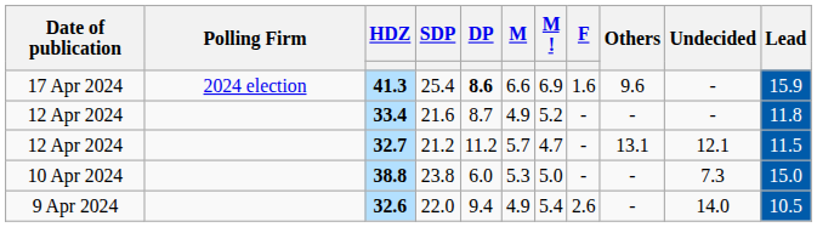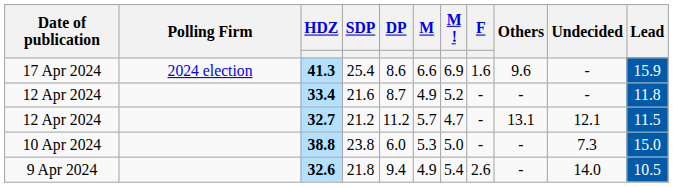 <table class="wikitable sortable" style="text-align:center; font-size:90%; line-height:16px;">
 <tr style="height:42px;">
 <th style="width:100px;" rowspan="2">Date of publication</th>
 <th style="width:165px;" rowspan="2">Polling Firm</th>
 <th><a href='#'>HDZ</a></th>
 <th><a href='#'>SDP</a></th>
 <th><a href='#'>DP</a></th>
 <th><a href='#'>M</a></th>
 <th style="letter-spacing:-1px;"><a href='#'>M !</a></th>
 <th><a href='#'>F</a></th>
 <th class="unsortable" style="width:40px;" rowspan="2">Others</th>
 <th class="unsortable" style="width:40px;" rowspan="2">Undecided</th>
 <th class="unsortable" style="width:20px;" rowspan="2">Lead</th>
 </tr>
 <tr>
 <th style="color:inherit;background:"></th>
 <th data-sort-type="number" style="color:inherit;background:"></th>
 <th style="color:inherit;background:"></th>
 <th style="color:inherit;background:"></th>
 <th style="color:inherit;background:"></th>
 <th style="color:inherit;background:"></th>
 </tr>
 <tr>
 <td>17 Apr 2024</td>
 <td><a href='#'>2024 election</a></td>
 <td style="background:#B3E0FF"><strong>41.3</strong></td>
 <td>25.4</td>
-<td><strong>8.6</strong></td>
+<td>8.6</td>
 <td>6.6</td>
 <td>6.9</td>
 <td>1.6</td>
 <td>9.6</td>
 <td>-</td>
 <td style="background:#005BAA; color: white">15.9</td>
 </tr>
 <tr>
 <td>12 Apr 2024</td>
 <td></td>
 <td style="background:#B3E0FF"><strong>33.4</strong></td>
 <td>21.6</td>
 <td>8.7</td>
 <td>4.9</td>
 <td>5.2</td>
 <td>-</td>
 <td>-</td>
 <td>-</td>
 <td style="background:#005BAA; color: white">11.8</td>
 </tr>
 <tr>
 <td>12 Apr 2024</td>
 <td></td>
 <td style="background:#B3E0FF"><strong>32.7</strong></td>
 <td>21.2</td>
 <td>11.2</td>
 <td>5.7</td>
 <td>4.7</td>
 <td>-</td>
 <td>13.1</td>
 <td>12.1</td>
 <td style="background:#005BAA; color: white">11.5</td>
 </tr>
 <tr>
 <td>10 Apr 2024</td>
 <td></td>
 <td style="background:#B3E0FF"><strong>38.8</strong></td>
 <td>23.8</td>
 <td>6.0</td>
 <td>5.3</td>
 <td>5.0</td>
 <td>-</td>
 <td>-</td>
 <td>7.3</td>
 <td style="background:#005BAA; color: white">15.0</td>
 </tr>
 <tr>
 <td>9 Apr 2024</td>
 <td></td>
 <td style="background:#B3E0FF"><strong>32.6</strong></td>
-<td>22.0</td>
+<td>21.8</td>
 <td>9.4</td>
 <td>4.9</td>
 <td>5.4</td>
 <td>2.6</td>
 <td>-</td>
 <td>14.0</td>
 <td style="background:#005BAA; color: white">10.5</td>
 </tr>
 </table>
